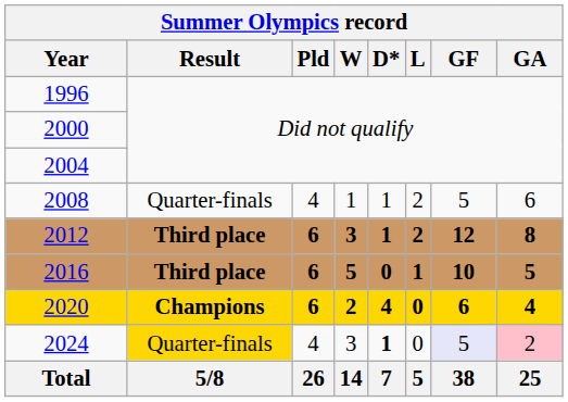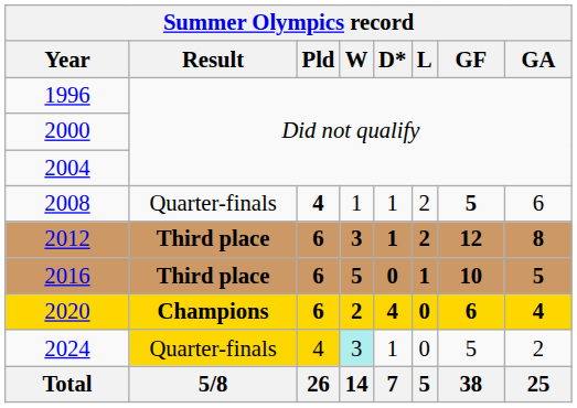 <table class="wikitable" style="text-align: center;">
 <tr>
 <th colspan=8><a href='#'>Summer Olympics</a> record</th>
 </tr>
 <tr>
 <th width=80>Year</th>
 <th width=110>Result</th>
 <th>Pld</th>
 <th>W</th>
 <th>D*</th>
 <th>L</th>
 <th width=40>GF</th>
 <th width=40>GA</th>
 </tr>
 <tr>
 <td> <a href='#'>1996</a></td>
 <td colspan=7 rowspan=3><em>Did not qualify</em></td>
 </tr>
 <tr>
 <td> <a href='#'>2000</a></td>
 </tr>
 <tr>
 <td> <a href='#'>2004</a></td>
 </tr>
 <tr>
 <td> <a href='#'>2008</a></td>
 <td>Quarter-finals</td>
-<td>4</td>
+<td><strong>4</strong></td>
 <td>1</td>
 <td>1</td>
 <td>2</td>
-<td>5</td>
+<td><strong>5</strong></td>
 <td>6</td>
 </tr>
 <tr style="background:#c96;">
 <td> <a href='#'>2012</a></td>
 <td style="background:#c96;"><strong>Third place</strong></td>
 <td><strong>6</strong></td>
 <td><strong>3</strong></td>
 <td><strong>1</strong></td>
 <td><strong>2</strong></td>
 <td><strong>12</strong></td>
 <td><strong>8</strong></td>
 </tr>
 <tr style="background:#c96;">
 <td> <a href='#'>2016</a></td>
 <td style="background:#c96;"><strong>Third place</strong></td>
 <td><strong>6</strong></td>
 <td><strong>5</strong></td>
 <td><strong>0</strong></td>
 <td><strong>1</strong></td>
 <td><strong>10</strong></td>
 <td><strong>5</strong></td>
 </tr>
 <tr style="background:gold;">
 <td> <a href='#'>2020</a></td>
 <td><strong>Champions</strong></td>
 <td><strong>6</strong></td>
 <td><strong>2</strong></td>
 <td><strong>4</strong></td>
 <td><strong>0</strong></td>
 <td><strong>6</strong></td>
 <td><strong>4</strong></td>
 </tr>
 <tr>
 <td> <a href='#'>2024</a></td>
 <td style="background: gold;">Quarter-finals</td>
-<td>4</td>
-<td>3</td>
-<td><strong>1</strong></td>
+<td style="background: gold;">4</td>
+<td style="background: paleturquoise;">3</td>
+<td>1</td>
 <td>0</td>
-<td style="background: lavender;">5</td>
-<td style="background: pink;">2</td>
+<td>5</td>
+<td>2</td>
 </tr>
 <tr>
 <th>Total</th>
 <th>5/8</th>
 <th>26</th>
 <th>14</th>
 <th>7</th>
 <th>5</th>
 <th>38</th>
 <th>25</th>
 </tr>
 </table>
